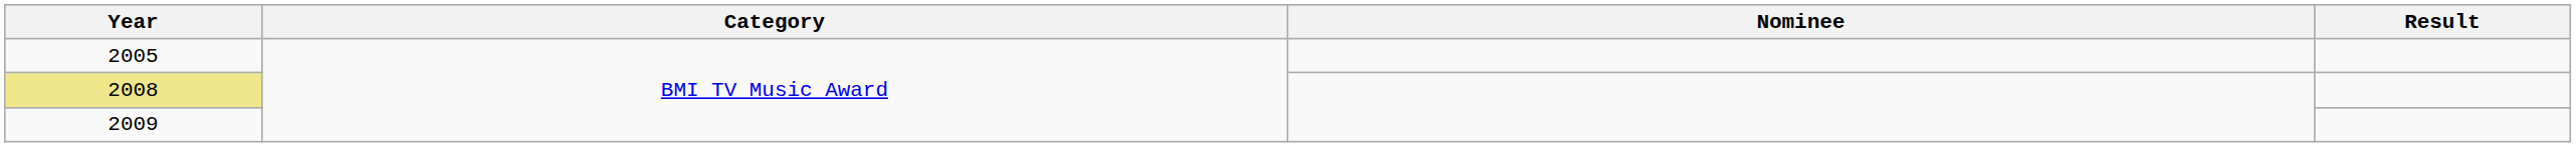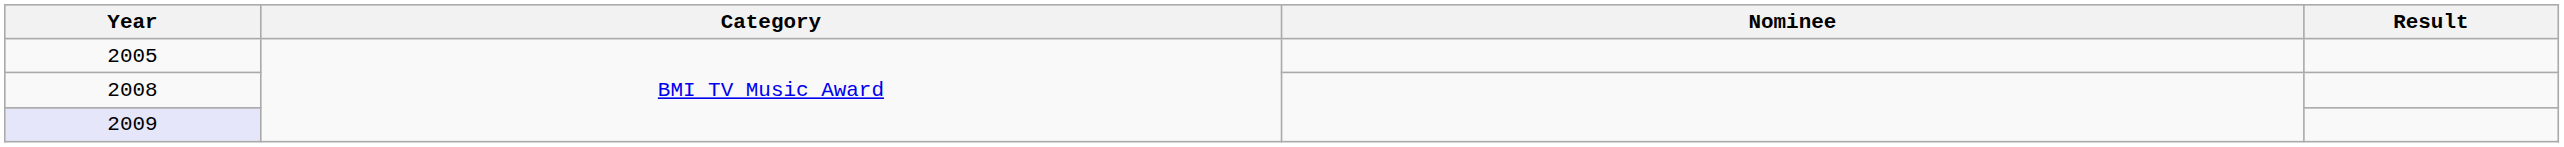 <table class="wikitable" width="80%">
 <tr>
 <th width="10%">Year</th>
 <th width="40%">Category</th>
 <th width="40%">Nominee</th>
 <th width="10%">Result</th>
 </tr>
 <tr>
 <td align="center">2005</td>
 <td rowspan="3" align="center"><a href='#'>BMI TV Music Award</a></td>
 <td align="center"></td>
 <td></td>
 </tr>
 <tr>
-<td align="center" style="background: khaki;">2008</td>
+<td align="center">2008</td>
 <td rowspan="2" align="center"></td>
 <td></td>
 </tr>
 <tr>
-<td align="center">2009</td>
+<td align="center" style="background: lavender;">2009</td>
 <td></td>
 </tr>
 </table>
